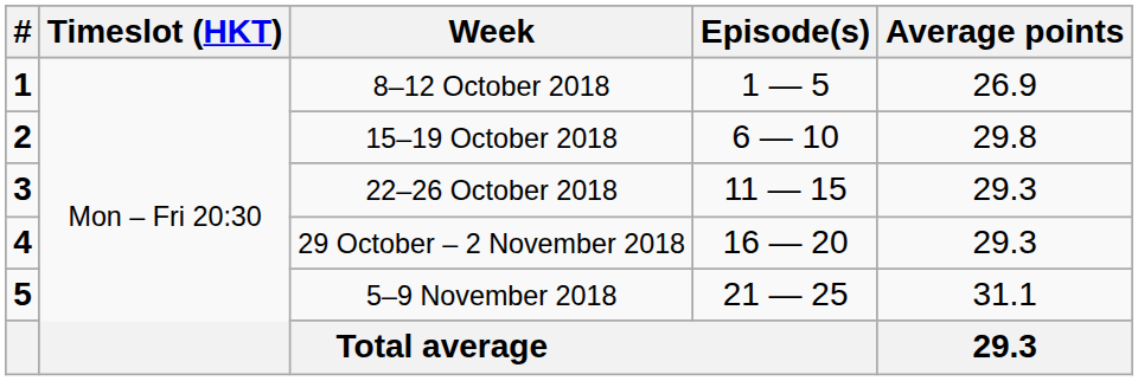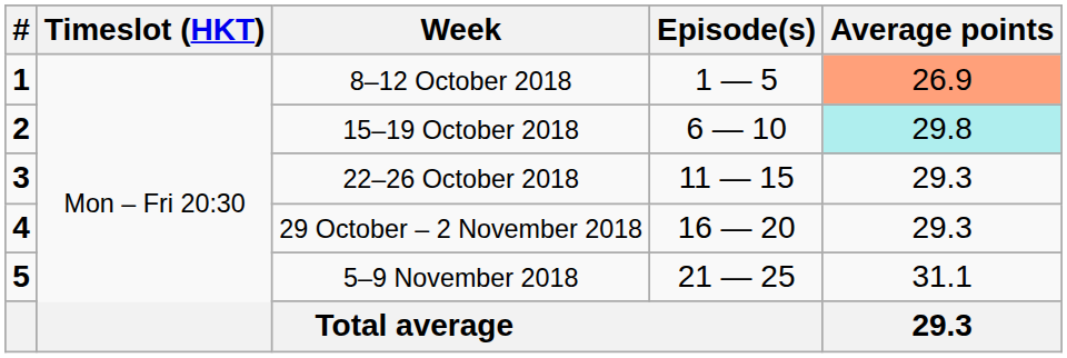 <table class="wikitable">
 <tr>
 <th>#</th>
 <th>Timeslot (<a href='#'>HKT</a>)</th>
 <th>Week</th>
 <th>Episode(s)</th>
 <th>Average points</th>
 </tr>
 <tr>
 <td style="text-align:center;"><strong>1</strong></td>
 <td rowspan="8" style="text-align:center;"><small>Mon – Fri 20:30</small></td>
 <td style="text-align:center;"><small>8–12 October 2018</small></td>
 <td style="text-align:center;">1 — 5</td>
-<td style="text-align:center;">26.9</td>
+<td style="background: lightsalmon; text-align:center;">26.9</td>
 </tr>
 <tr>
 <td style="text-align:center;"><strong>2</strong></td>
 <td style="text-align:center;"><small>15–19 October 2018</small></td>
 <td style="text-align:center;">6 — 10</td>
-<td style="text-align:center;">29.8</td>
+<td style="background: paleturquoise; text-align:center;">29.8</td>
 </tr>
 <tr>
 <td style="text-align:center;"><strong>3</strong></td>
 <td style="text-align:center;"><small>22–26 October 2018</small></td>
 <td style="text-align:center;">11 — 15</td>
 <td style="text-align:center;">29.3</td>
 </tr>
 <tr>
 <td style="text-align:center;"><strong>4</strong></td>
 <td style="text-align:center;"><small>29 October – 2 November 2018</small></td>
 <td style="text-align:center;">16 — 20</td>
 <td style="text-align:center;">29.3</td>
 </tr>
 <tr>
 <td style="text-align:center;"><strong>5</strong></td>
 <td style="text-align:center;"><small>5–9 November 2018</small></td>
 <td style="text-align:center;">21 — 25</td>
 <td style="text-align:center;">31.1</td>
 </tr>
 <tr>
 <th colspan="4"><strong>Total average</strong></th>
 <th><strong>29.3</strong></th>
 </tr>
 </table>
